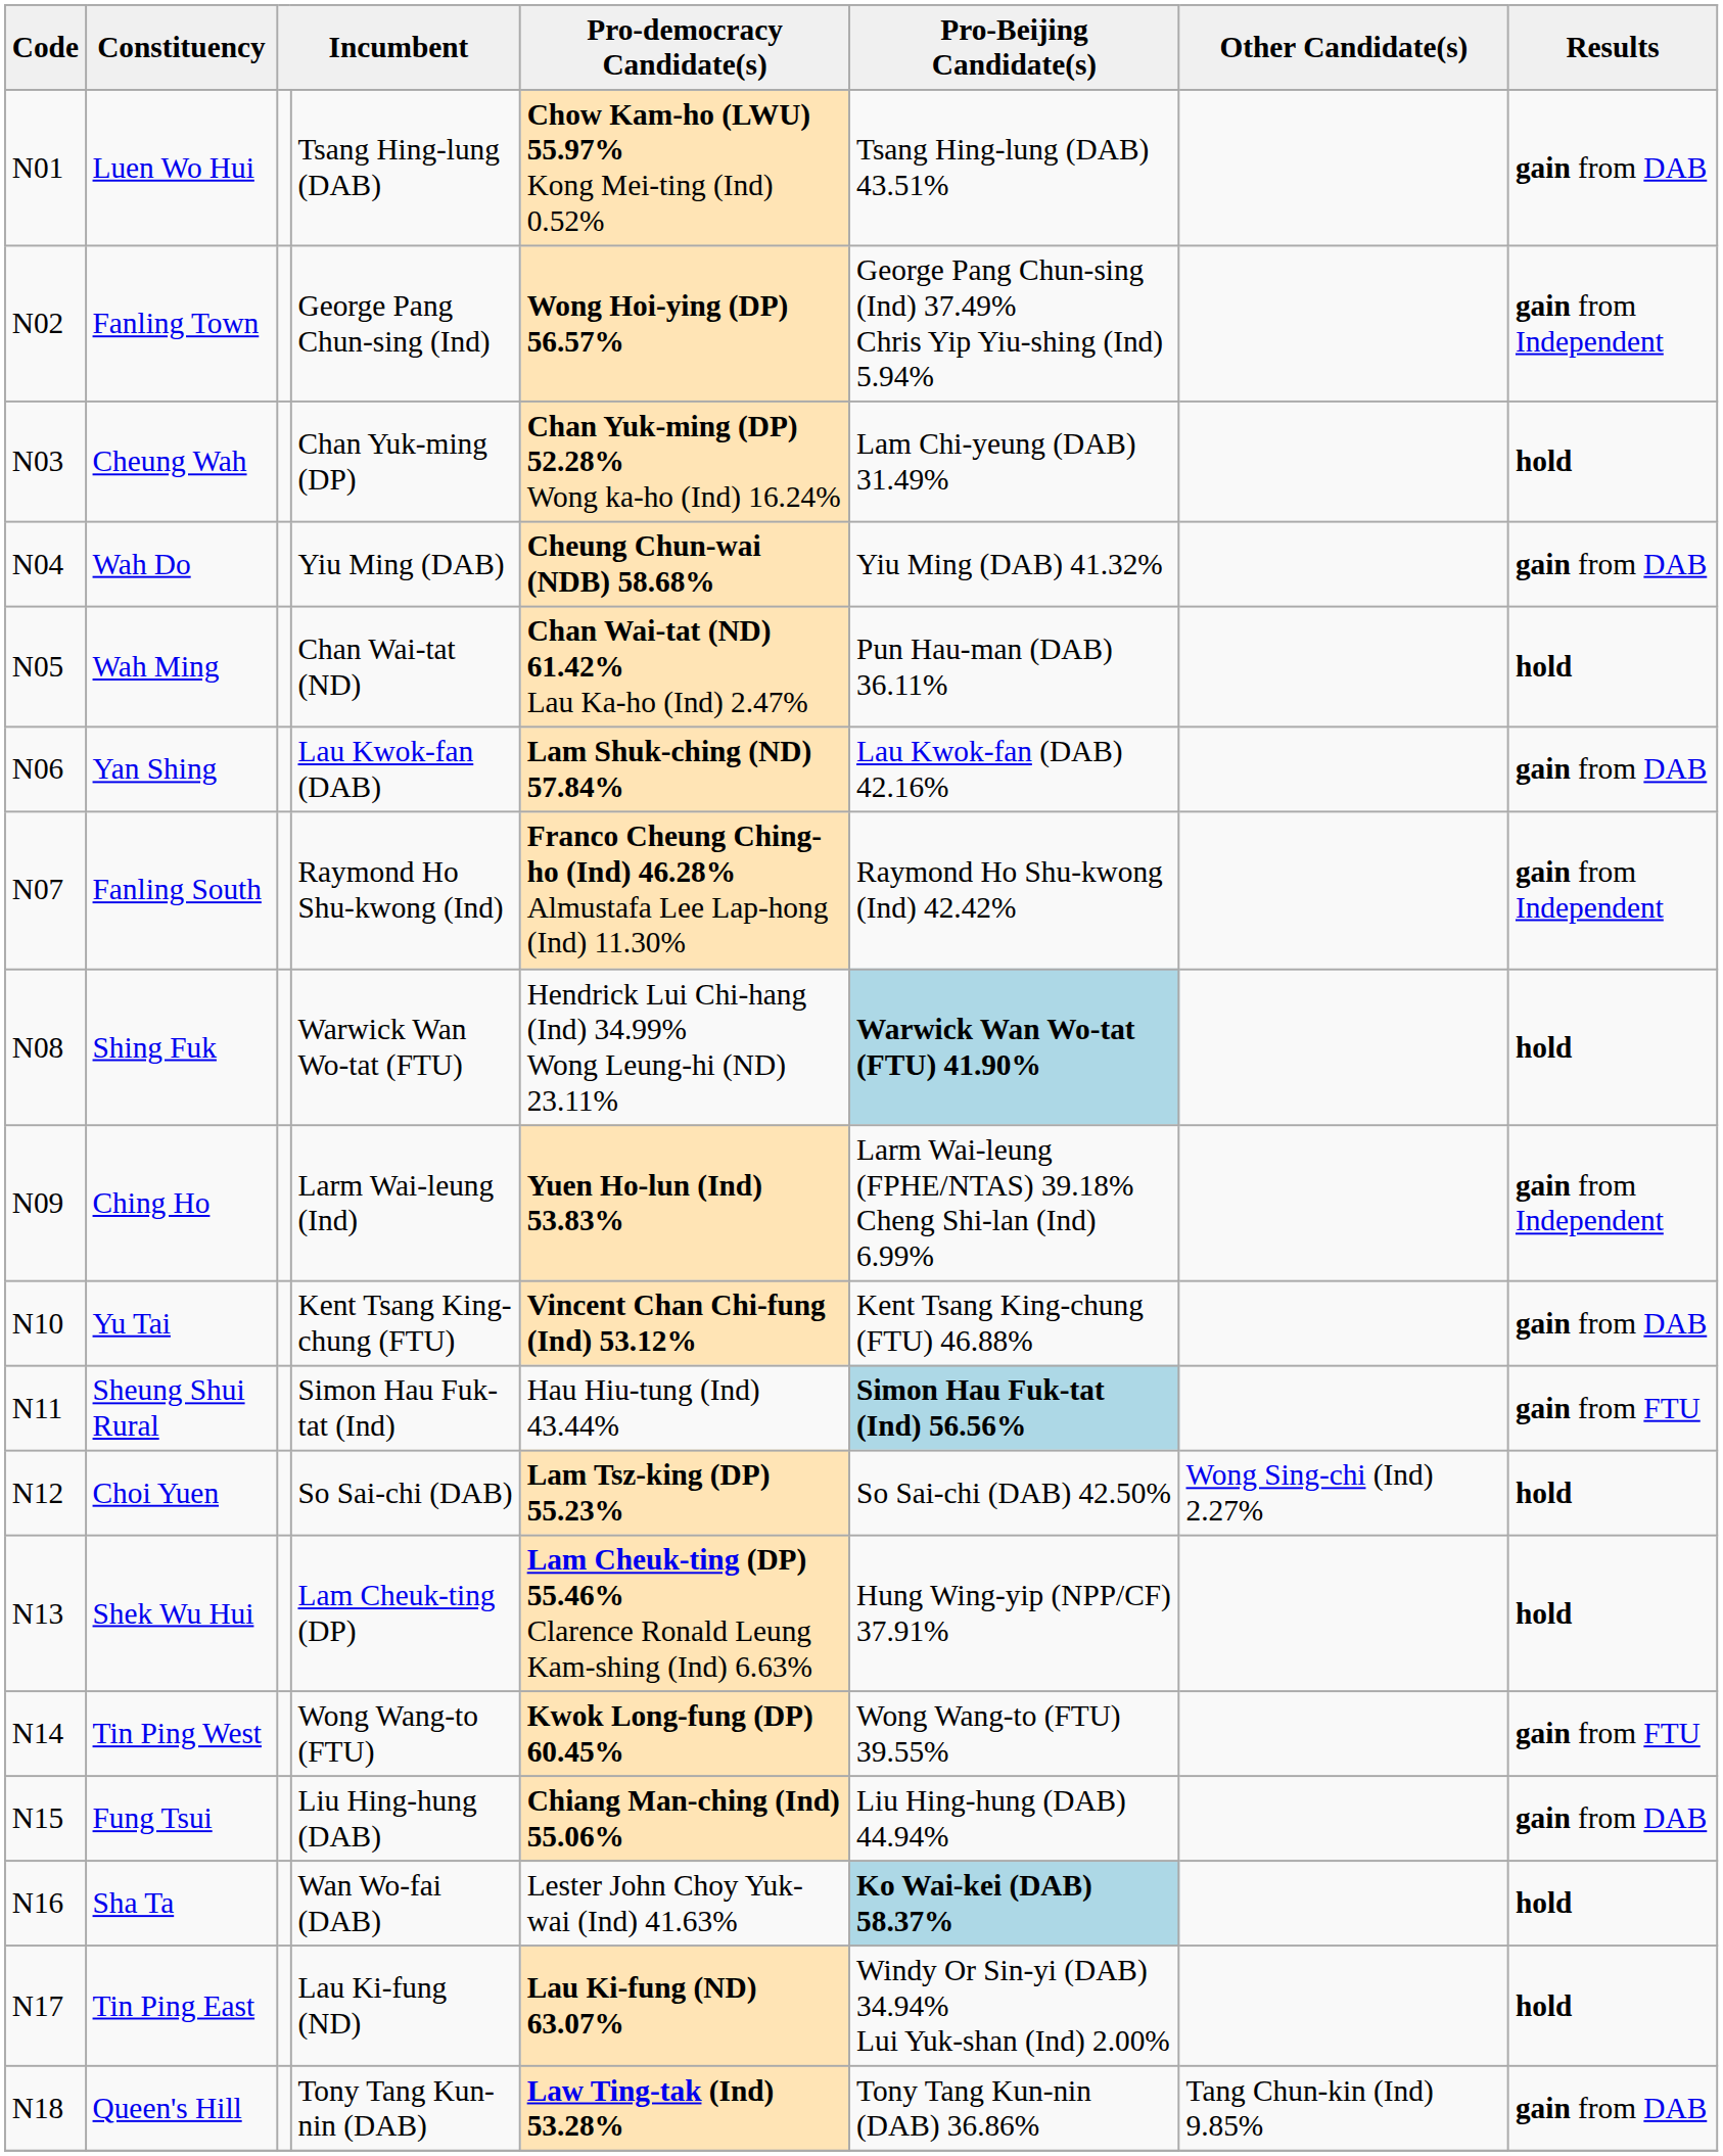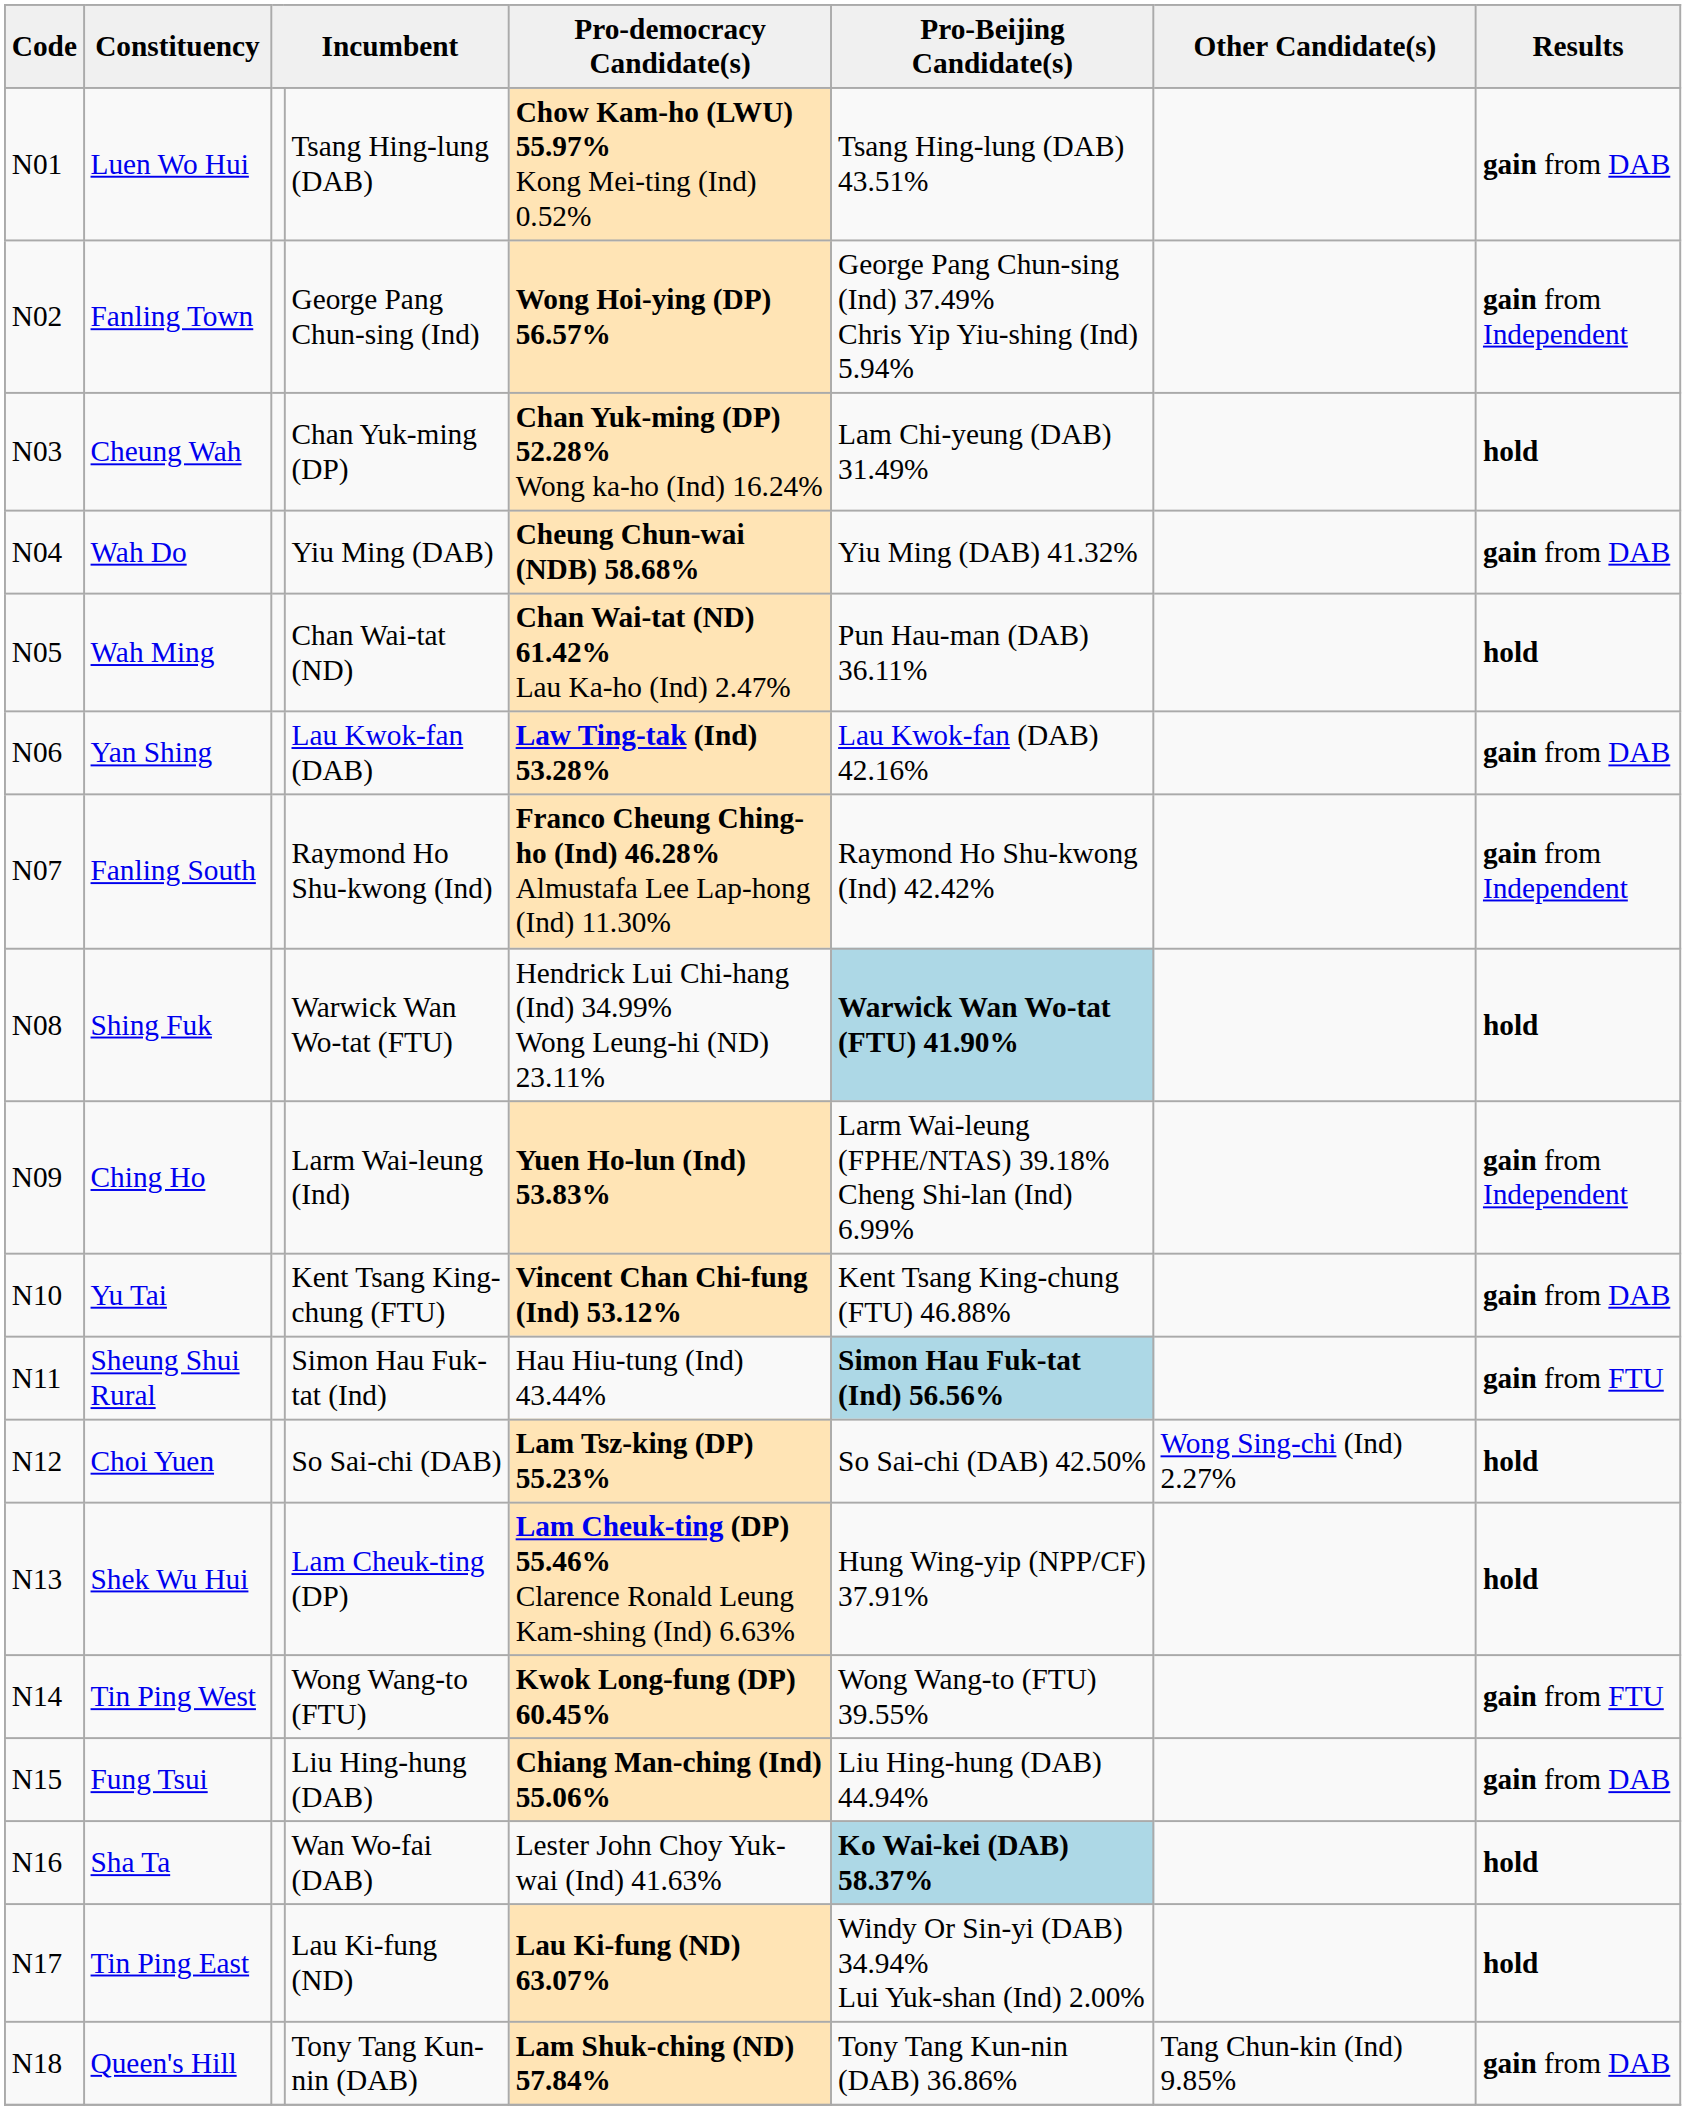 <table class="wikitable sortable" style="font-size: 95%;">
 <tr>
 <th align="center" style="background:#f0f0f0;" width="20px">Code</th>
 <th align="center" style="background:#f0f0f0;" width="90px">Constituency</th>
 <th align="center" style="background:#f0f0f0;" width="120px" colspan="2">Incumbent</th>
 <th align="center" style="background:#f0f0f0;" width="160px">Pro-democracy Candidate(s)</th>
 <th align="center" style="background:#f0f0f0;" width="160px">Pro-Beijing Candidate(s)</th>
 <th align="center" style="background:#f0f0f0;" width="160px">Other Candidate(s)</th>
 <th align="center" style="background:#f0f0f0;" width="100px" colspan="2">Results</th>
 </tr>
 <tr>
 <td>N01</td>
 <td><a href='#'>Luen Wo Hui</a></td>
 <td></td>
 <td>Tsang Hing-lung (DAB)</td>
 <td style="background-color:Moccasin"><strong>Chow Kam-ho (LWU) 55.97%</strong><br>Kong Mei-ting (Ind) 0.52%</td>
 <td>Tsang Hing-lung (DAB) 43.51%</td>
 <td></td>
 <td> <strong>gain</strong> from <a href='#'>DAB</a></td>
 </tr>
 <tr>
 <td>N02</td>
 <td><a href='#'>Fanling Town</a></td>
 <td></td>
 <td>George Pang Chun-sing (Ind)</td>
 <td style="background-color:Moccasin"><strong>Wong Hoi-ying (DP) 56.57%</strong></td>
 <td>George Pang Chun-sing (Ind) 37.49%<br>Chris Yip Yiu-shing (Ind) 5.94%</td>
 <td></td>
 <td> <strong>gain</strong> from <a href='#'>Independent</a></td>
 </tr>
 <tr>
 <td>N03</td>
 <td><a href='#'>Cheung Wah</a></td>
 <td></td>
 <td>Chan Yuk-ming (DP)</td>
 <td style="background-color:Moccasin"><strong>Chan Yuk-ming (DP) 52.28%</strong><br>Wong ka-ho (Ind) 16.24%</td>
 <td>Lam Chi-yeung (DAB) 31.49%</td>
 <td></td>
 <td> <strong>hold</strong></td>
 </tr>
 <tr>
 <td>N04</td>
 <td><a href='#'>Wah Do</a></td>
 <td></td>
 <td>Yiu Ming (DAB)</td>
 <td style="background-color:Moccasin"><strong>Cheung Chun-wai (NDB) 58.68%</strong></td>
 <td>Yiu Ming (DAB) 41.32%</td>
 <td></td>
 <td> <strong>gain</strong> from <a href='#'>DAB</a></td>
 </tr>
 <tr>
 <td>N05</td>
 <td><a href='#'>Wah Ming</a></td>
 <td></td>
 <td>Chan Wai-tat (ND)</td>
 <td style="background-color:Moccasin"><strong>Chan Wai-tat (ND) 61.42%</strong><br>Lau Ka-ho (Ind) 2.47%</td>
 <td>Pun Hau-man (DAB) 36.11%</td>
 <td></td>
 <td> <strong>hold</strong></td>
 </tr>
 <tr>
 <td>N06</td>
 <td><a href='#'>Yan Shing</a></td>
 <td></td>
 <td><a href='#'>Lau Kwok-fan</a> (DAB)</td>
-<td style="background-color:Moccasin"><strong>Lam Shuk-ching (ND) 57.84%</strong></td>
+<td style="background-color:Moccasin"><strong><a href='#'>Law Ting-tak</a> (Ind) 53.28%</strong></td>
 <td><a href='#'>Lau Kwok-fan</a> (DAB) 42.16%</td>
 <td></td>
 <td> <strong>gain</strong> from <a href='#'>DAB</a></td>
 </tr>
 <tr>
 <td>N07</td>
 <td><a href='#'>Fanling South</a></td>
 <td></td>
 <td>Raymond Ho Shu-kwong (Ind)</td>
 <td style="background-color:Moccasin"><strong>Franco Cheung Ching-ho (Ind) 46.28%</strong><br>Almustafa Lee Lap-hong (Ind) 11.30%</td>
 <td>Raymond Ho Shu-kwong (Ind) 42.42%</td>
 <td></td>
 <td> <strong>gain</strong> from <a href='#'>Independent</a></td>
 </tr>
 <tr>
 <td>N08</td>
 <td><a href='#'>Shing Fuk</a></td>
 <td></td>
 <td>Warwick Wan Wo-tat (FTU)</td>
 <td>Hendrick Lui Chi-hang (Ind) 34.99%<br>Wong Leung-hi (ND) 23.11%</td>
 <td style="background-color:LightBlue"><strong>Warwick Wan Wo-tat (FTU) 41.90%</strong></td>
 <td></td>
 <td> <strong>hold</strong></td>
 </tr>
 <tr>
 <td>N09</td>
 <td><a href='#'>Ching Ho</a></td>
 <td></td>
 <td>Larm Wai-leung (Ind)</td>
 <td style="background-color:Moccasin"><strong>Yuen Ho-lun (Ind) 53.83%</strong></td>
 <td>Larm Wai-leung (FPHE/NTAS) 39.18%<br>Cheng Shi-lan (Ind) 6.99%</td>
 <td></td>
 <td> <strong>gain</strong> from <a href='#'>Independent</a></td>
 </tr>
 <tr>
 <td>N10</td>
 <td><a href='#'>Yu Tai</a></td>
 <td></td>
 <td>Kent Tsang King-chung (FTU)</td>
 <td style="background-color:Moccasin"><strong>Vincent Chan Chi-fung (Ind) 53.12%</strong></td>
 <td>Kent Tsang King-chung (FTU) 46.88%</td>
 <td></td>
 <td> <strong>gain</strong> from <a href='#'>DAB</a></td>
 </tr>
 <tr>
 <td>N11</td>
 <td><a href='#'>Sheung Shui Rural</a></td>
 <td></td>
 <td>Simon Hau Fuk-tat (Ind)</td>
 <td>Hau Hiu-tung (Ind) 43.44%</td>
 <td style="background-color:LightBlue"><strong>Simon Hau Fuk-tat (Ind) 56.56%</strong></td>
 <td></td>
 <td> <strong>gain</strong> from <a href='#'>FTU</a></td>
 </tr>
 <tr>
 <td>N12</td>
 <td><a href='#'>Choi Yuen</a></td>
 <td></td>
 <td>So Sai-chi (DAB)</td>
 <td style="background-color:Moccasin"><strong>Lam Tsz-king (DP) 55.23%</strong></td>
 <td>So Sai-chi (DAB) 42.50%</td>
 <td><a href='#'>Wong Sing-chi</a> (Ind) 2.27%</td>
 <td> <strong>hold</strong></td>
 </tr>
 <tr>
 <td>N13</td>
 <td><a href='#'>Shek Wu Hui</a></td>
 <td></td>
 <td><a href='#'>Lam Cheuk-ting</a> (DP)</td>
 <td style="background-color:Moccasin"><strong><a href='#'>Lam Cheuk-ting</a> (DP) 55.46%</strong><br>Clarence Ronald Leung Kam-shing (Ind) 6.63%</td>
 <td>Hung Wing-yip (NPP/CF) 37.91%</td>
 <td></td>
 <td> <strong>hold</strong></td>
 </tr>
 <tr>
 <td>N14</td>
 <td><a href='#'>Tin Ping West</a></td>
 <td></td>
 <td>Wong Wang-to (FTU)</td>
 <td style="background-color:Moccasin"><strong>Kwok Long-fung (DP) 60.45%</strong></td>
 <td>Wong Wang-to (FTU) 39.55%</td>
 <td></td>
 <td> <strong>gain</strong> from <a href='#'>FTU</a></td>
 </tr>
 <tr>
 <td>N15</td>
 <td><a href='#'>Fung Tsui</a></td>
 <td></td>
 <td>Liu Hing-hung (DAB)</td>
 <td style="background-color:Moccasin"><strong>Chiang Man-ching (Ind) 55.06%</strong></td>
 <td>Liu Hing-hung (DAB) 44.94%</td>
 <td></td>
 <td> <strong>gain</strong> from <a href='#'>DAB</a></td>
 </tr>
 <tr>
 <td>N16</td>
 <td><a href='#'>Sha Ta</a></td>
 <td></td>
 <td>Wan Wo-fai (DAB)</td>
 <td>Lester John Choy Yuk-wai (Ind) 41.63%</td>
 <td style="background-color:LightBlue"><strong>Ko Wai-kei (DAB) 58.37%</strong></td>
 <td></td>
 <td> <strong>hold</strong></td>
 </tr>
 <tr>
 <td>N17</td>
 <td><a href='#'>Tin Ping East</a></td>
 <td></td>
 <td>Lau Ki-fung (ND)</td>
 <td style="background-color:Moccasin"><strong>Lau Ki-fung (ND) 63.07%</strong></td>
 <td>Windy Or Sin-yi (DAB) 34.94%<br>Lui Yuk-shan (Ind) 2.00%</td>
 <td></td>
 <td> <strong>hold</strong></td>
 </tr>
 <tr>
 <td>N18</td>
 <td><a href='#'>Queen's Hill</a></td>
 <td></td>
 <td>Tony Tang Kun-nin (DAB)</td>
-<td style="background-color:Moccasin"><strong><a href='#'>Law Ting-tak</a> (Ind) 53.28%</strong></td>
+<td style="background-color:Moccasin"><strong>Lam Shuk-ching (ND) 57.84%</strong></td>
 <td>Tony Tang Kun-nin (DAB) 36.86%</td>
 <td>Tang Chun-kin (Ind) 9.85%</td>
 <td> <strong>gain</strong> from <a href='#'>DAB</a></td>
 </tr>
 <tr>
 </tr>
 </table>
